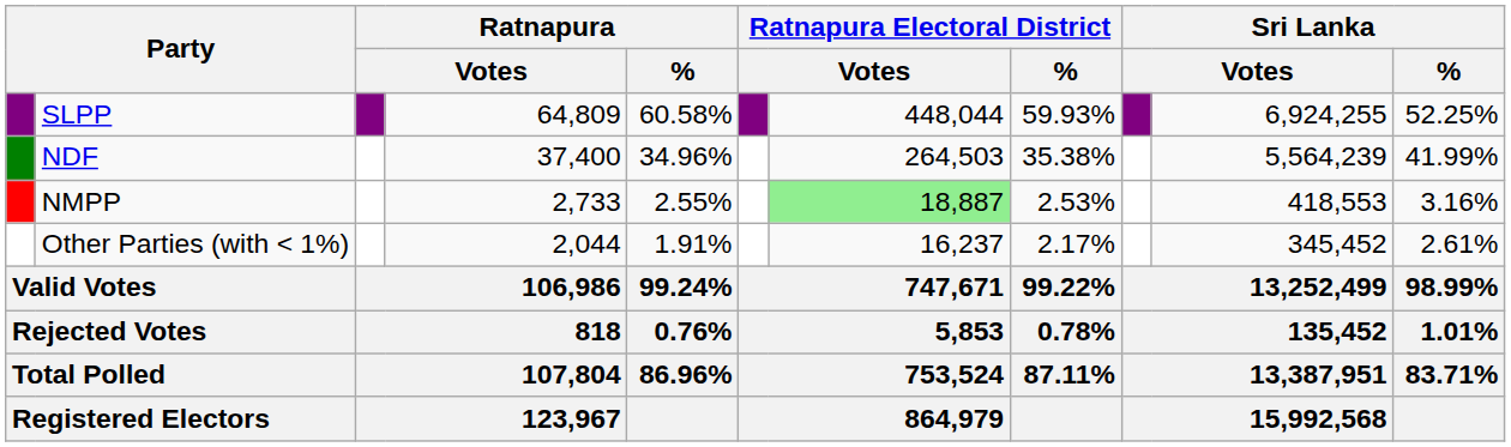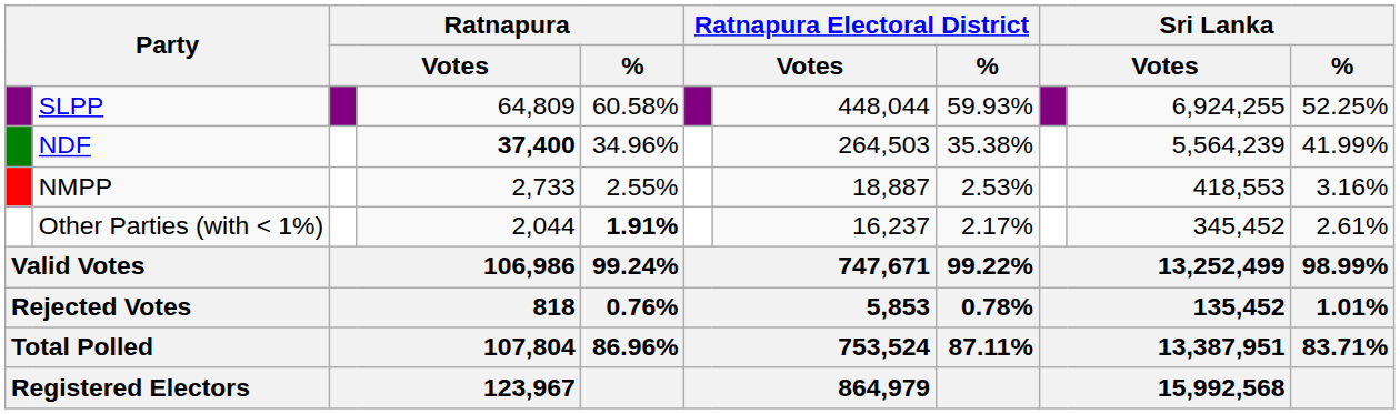 <table class="wikitable">
 <tr>
 <th colspan="2" width="144px"rowspan="2">Party</th>
 <th colspan="3" width="216px">Ratnapura</th>
 <th colspan="3" width="216px"><a href='#'>Ratnapura Electoral District</a></th>
 <th colspan="3" width="216px">Sri Lanka</th>
 </tr>
 <tr>
 <th colspan="2" width="144px">Votes</th>
 <th>%</th>
 <th colspan="2" width="144px">Votes</th>
 <th>%</th>
 <th colspan="2" width="144px">Votes</th>
 <th>%</th>
 </tr>
 <tr>
 <td style="background-color:purple;" width="10px"></td>
 <td style="text-align:left;"><a href='#'>SLPP</a></td>
 <td style="background-color:purple;" width="10px"></td>
 <td style="text-align:right;">64,809</td>
 <td style="text-align:right;">60.58%</td>
 <td style="background-color:purple;" width="10px"></td>
 <td style="text-align:right;">448,044</td>
 <td style="text-align:right;">59.93%</td>
 <td style="background-color:purple;" width="10px"></td>
 <td style="text-align:right;">6,924,255</td>
 <td style="text-align:right;">52.25%</td>
 </tr>
 <tr>
 <td style="background-color:green;" width="10px"></td>
 <td style="text-align:left;"><a href='#'>NDF</a></td>
 <td style="background-color:white;" width="10px"></td>
-<td style="text-align:right;">37,400</td>
+<td style="text-align:right;"><strong>37,400</strong></td>
 <td style="text-align:right;">34.96%</td>
 <td style="background-color:white;" width="10px"></td>
 <td style="text-align:right;">264,503</td>
 <td style="text-align:right;">35.38%</td>
 <td style="background-color:white;" width="10px"></td>
 <td style="text-align:right;">5,564,239</td>
 <td style="text-align:right;">41.99%</td>
 </tr>
 <tr>
 <td style="background-color:red;" width="10px"></td>
 <td style="text-align:left;">NMPP</td>
 <td style="background-color:white;" width="10px"></td>
 <td style="text-align:right;">2,733</td>
 <td style="text-align:right;">2.55%</td>
 <td style="background-color:white;" width="10px"></td>
-<td style="background: lightgreen; text-align:right;">18,887</td>
+<td style="text-align:right;">18,887</td>
 <td style="text-align:right;">2.53%</td>
 <td style="background-color:white;" width="10px"></td>
 <td style="text-align:right;">418,553</td>
 <td style="text-align:right;">3.16%</td>
 </tr>
 <tr>
 <td style="background-color:white;" width="10px"></td>
 <td style="text-align:left;">Other Parties (with < 1%)</td>
 <td style="background-color:white;" width="10px"></td>
 <td style="text-align:right;">2,044</td>
-<td style="text-align:right;">1.91%</td>
+<td style="text-align:right;"><strong>1.91%</strong></td>
 <td style="background-color:white;" width="10px"></td>
 <td style="text-align:right;">16,237</td>
 <td style="text-align:right;">2.17%</td>
 <td style="background-color:white;" width="10px"></td>
 <td style="text-align:right;">345,452</td>
 <td style="text-align:right;">2.61%</td>
 </tr>
 <tr>
 <th colspan="2" width="144px"style="text-align:left;">Valid Votes</th>
 <th style="text-align:right;"colspan="2" width="144px">106,986</th>
 <th style="text-align:right;">99.24%</th>
 <th style="text-align:right;"colspan="2" width="144px">747,671</th>
 <th style="text-align:right;">99.22%</th>
 <th style="text-align:right;"colspan="2" width="144px">13,252,499</th>
 <th style="text-align:right;">98.99%</th>
 </tr>
 <tr>
 <th colspan="2" width="144px"style="text-align:left;">Rejected Votes</th>
 <th style="text-align:right;"colspan="2" width="144px">818</th>
 <th style="text-align:right;">0.76%</th>
 <th style="text-align:right;"colspan="2" width="144px">5,853</th>
 <th style="text-align:right;">0.78%</th>
 <th style="text-align:right;"colspan="2" width="144px">135,452</th>
 <th style="text-align:right;">1.01%</th>
 </tr>
 <tr>
 <th colspan="2" width="144px"style="text-align:left;">Total Polled</th>
 <th style="text-align:right;"colspan="2" width="144px">107,804</th>
 <th style="text-align:right;">86.96%</th>
 <th style="text-align:right;"colspan="2" width="144px">753,524</th>
 <th style="text-align:right;">87.11%</th>
 <th style="text-align:right;"colspan="2" width="144px">13,387,951</th>
 <th style="text-align:right;">83.71%</th>
 </tr>
 <tr>
 <th colspan="2" width="144px"style="text-align:left;">Registered Electors</th>
 <th style="text-align:right;"colspan="2" width="144px">123,967</th>
 <th></th>
 <th style="text-align:right;"colspan="2" width="144px">864,979</th>
 <th></th>
 <th style="text-align:right;"colspan="2" width="144px">15,992,568</th>
 <th></th>
 </tr>
 </table>
